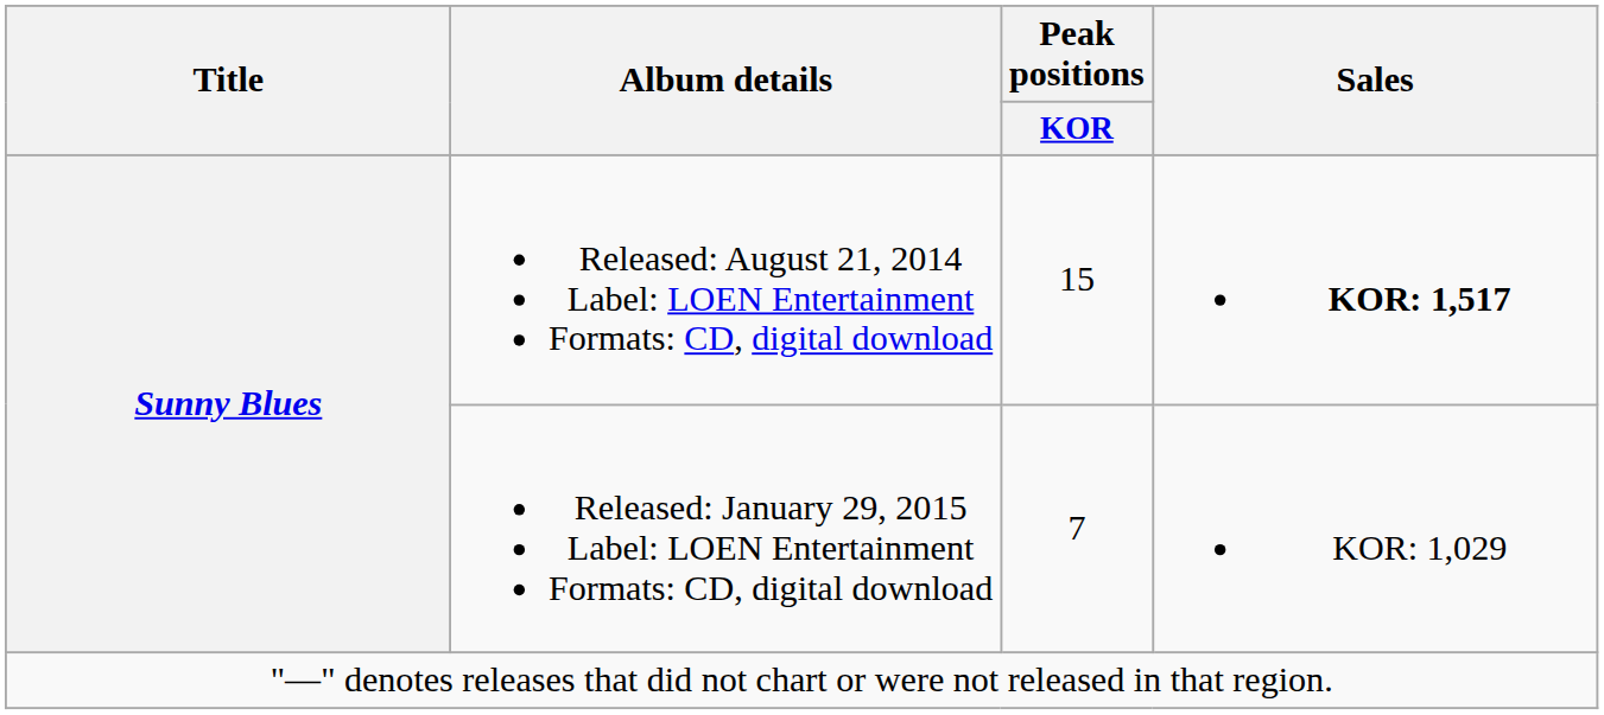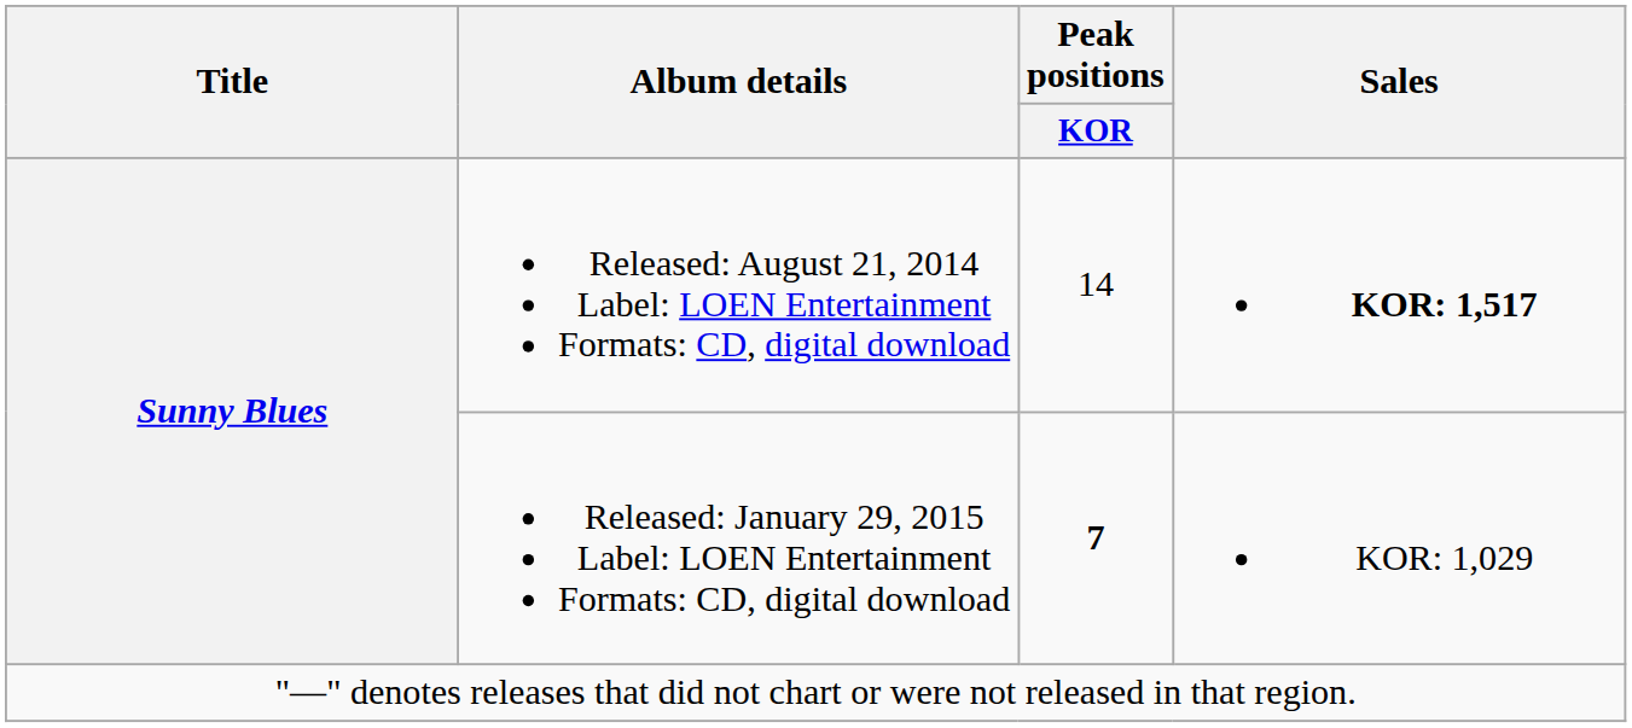 <table class="wikitable plainrowheaders" style="text-align:center;">
 <tr>
 <th scope="col" rowspan="2" style="width:12em;">Title</th>
 <th scope="col" rowspan="2">Album details</th>
 <th scope="col" colspan="1">Peak positions</th>
 <th scope="col" rowspan="2" style="width:12em;">Sales</th>
 </tr>
 <tr>
 <th scope="col" style="width:3em;font-size:90%;"><a href='#'>KOR</a><br></th>
 </tr>
 <tr>
 <th scope="row" rowspan="2"><em><a href='#'>Sunny Blues</a></em></th>
 <td><br><ul><li>Released: August 21, 2014</li><li>Label: <a href='#'>LOEN Entertainment</a></li><li>Formats: <a href='#'>CD</a>, <a href='#'>digital download</a></li></ul></td>
-<td>15</td>
+<td>14</td>
 <td><strong><br><ul><li>KOR: 1,517</li></ul></strong></td>
 </tr>
 <tr>
 <td><br><ul><li>Released: January 29, 2015</li><li>Label: LOEN Entertainment</li><li>Formats: CD, digital download</li></ul></td>
-<td>7</td>
+<td><strong>7</strong></td>
 <td><br><ul><li>KOR: 1,029</li></ul></td>
 </tr>
 <tr>
 <td colspan="4">"—" denotes releases that did not chart or were not released in that region.</td>
 </tr>
 </table>
